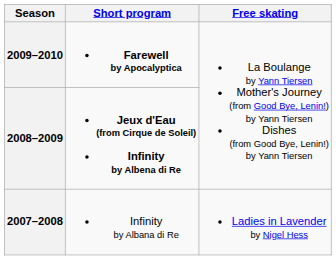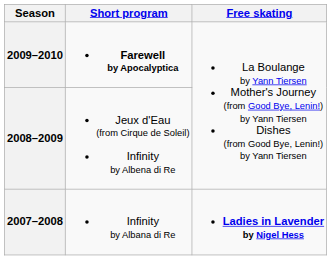 <table class=wikitable style=text-align:center>
 <tr>
 <th>Season</th>
 <th><a href='#'>Short program</a></th>
 <th><a href='#'>Free skating</a></th>
 </tr>
 <tr>
 <th>2009–2010 <br> </th>
 <td><strong><br><ul><li>Farewell <br><small> by Apocalyptica </small></li></ul></strong></td>
 <td rowspan=2><br><ul><li>La Boulange <br><small> by <a href='#'>Yann Tiersen</a> </small></li><li>Mother's Journey <br><small> (from <a href='#'>Good Bye, Lenin!</a>) <br> by Yann Tiersen </small></li><li>Dishes <br><small> (from Good Bye, Lenin!) <br> by Yann Tiersen </small></li></ul></td>
 </tr>
 <tr>
 <th>2008–2009 <br> </th>
-<td><strong><br><ul><li>Jeux d'Eau <br><small> (from Cirque de Soleil) </small></li></ul><ul><li>Infinity <br><small> by Albena di Re </small></li></ul></strong></td>
+<td><br><ul><li>Jeux d'Eau <br><small> (from Cirque de Soleil) </small></li></ul><ul><li>Infinity <br><small> by Albena di Re </small></li></ul></td>
 </tr>
 <tr>
 <th>2007–2008 <br> </th>
 <td><br><ul><li>Infinity <br><small> by Albana di Re </small></li></ul></td>
-<td><br><ul><li><a href='#'>Ladies in Lavender</a> <br><small> by <a href='#'>Nigel Hess</a> </small></li></ul></td>
+<td><strong><br><ul><li><a href='#'>Ladies in Lavender</a> <br><small> by <a href='#'>Nigel Hess</a> </small></li></ul></strong></td>
 </tr>
 </table>
